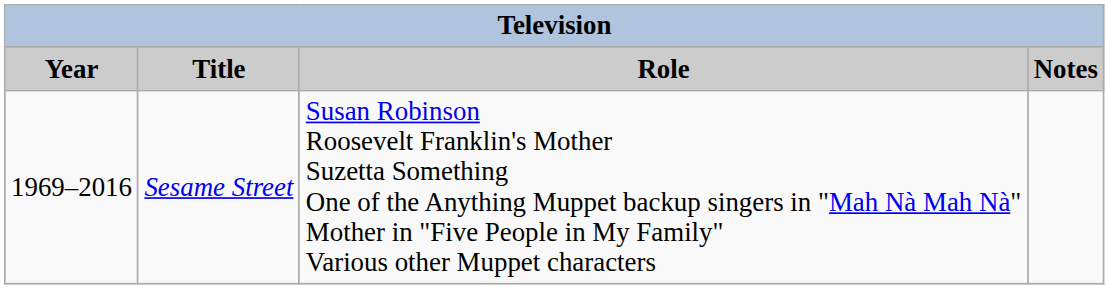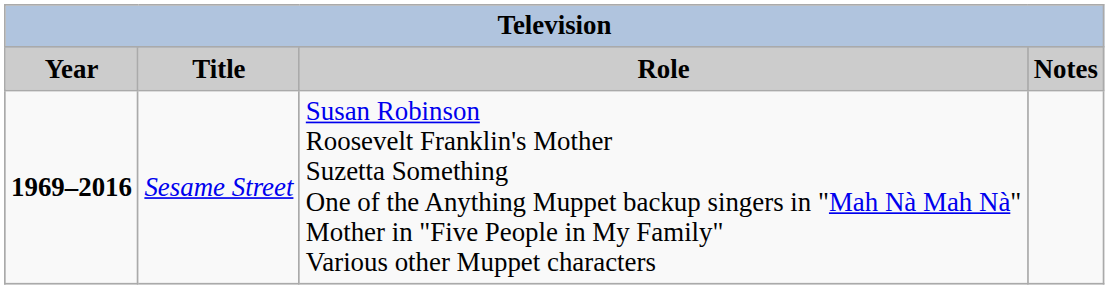 <table class="wikitable">
 <tr style="text-align:center;">
 <th colspan=4 style="background:#B0C4DE;">Television</th>
 </tr>
 <tr style="text-align:center;">
 <th style="background:#ccc;">Year</th>
 <th style="background:#ccc;">Title</th>
 <th style="background:#ccc;">Role</th>
 <th style="background:#ccc;">Notes</th>
 </tr>
 <tr>
-<td>1969–2016</td>
+<td><strong>1969–2016</strong></td>
 <td><em><a href='#'>Sesame Street</a></em></td>
 <td><a href='#'>Susan Robinson</a><br>Roosevelt Franklin's Mother<br>Suzetta Something<br>One of the Anything Muppet backup singers in "<a href='#'>Mah Nà Mah Nà</a>"<br>Mother in "Five People in My Family"<br>Various other Muppet characters</td>
 <td></td>
 </tr>
 </table>
